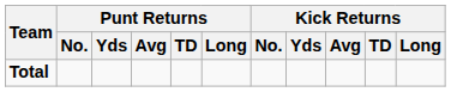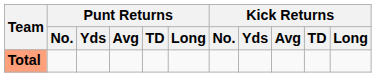 <table class="wikitable" style="white-space:nowrap;">
 <tr>
 <th rowspan="2">Team</th>
 <th colspan="5">Punt Returns</th>
 <th colspan="5">Kick Returns</th>
 </tr>
 <tr>
 <th>No.</th>
 <th>Yds</th>
 <th>Avg</th>
 <th>TD</th>
 <th>Long</th>
 <th>No.</th>
 <th>Yds</th>
 <th>Avg</th>
 <th>TD</th>
 <th>Long</th>
 </tr>
 <tr>
-<td><strong>Total</strong></td>
+<td style="background: lightsalmon;"><strong>Total</strong></td>
 <td></td>
 <td></td>
 <td></td>
 <td></td>
 <td></td>
 <td></td>
 <td></td>
 <td></td>
 <td></td>
 <td></td>
 </tr>
 </table>
